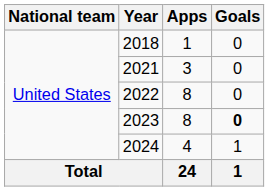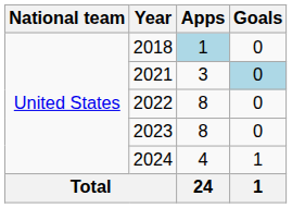 <table class="wikitable" style="text-align:center">
 <tr>
 <th>National team</th>
 <th>Year</th>
 <th>Apps</th>
 <th>Goals</th>
 </tr>
 <tr>
 <td rowspan="5"><a href='#'>United States</a></td>
 <td>2018</td>
-<td>1</td>
+<td style="background: lightblue;">1</td>
 <td>0</td>
 </tr>
 <tr>
 <td>2021</td>
 <td>3</td>
-<td>0</td>
+<td style="background: lightblue;">0</td>
 </tr>
 <tr>
 <td>2022</td>
 <td>8</td>
 <td>0</td>
 </tr>
 <tr>
 <td>2023</td>
 <td>8</td>
-<td><strong>0</strong></td>
+<td>0</td>
 </tr>
 <tr>
 <td>2024</td>
 <td>4</td>
 <td>1</td>
 </tr>
 <tr>
 <th colspan="2">Total</th>
 <th>24</th>
 <th>1</th>
 </tr>
 </table>
